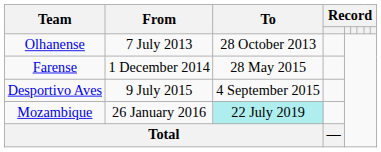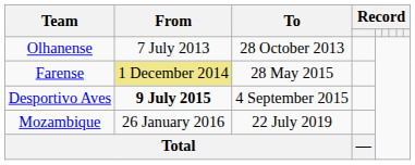 <table class="wikitable" style="text-align: center">
 <tr>
 <th rowspan="2">Team</th>
 <th rowspan="2">From</th>
 <th rowspan="2">To</th>
 <th colspan="6">Record</th>
 </tr>
 <tr>
 <th></th>
 <th></th>
 <th></th>
 <th></th>
 <th></th>
 <th></th>
 </tr>
 <tr>
 <td><a href='#'>Olhanense</a></td>
 <td>7 July 2013</td>
 <td>28 October 2013<br></td>
 <td></td>
 </tr>
 <tr>
 <td><a href='#'>Farense</a></td>
-<td>1 December 2014</td>
+<td style="background: khaki;">1 December 2014</td>
 <td>28 May 2015<br></td>
 <td></td>
 </tr>
 <tr>
 <td><a href='#'>Desportivo Aves</a></td>
-<td>9 July 2015</td>
+<td><strong>9 July 2015</strong></td>
 <td>4 September 2015<br></td>
 <td></td>
 </tr>
 <tr>
 <td><a href='#'>Mozambique</a></td>
 <td>26 January 2016</td>
-<td style="background: paleturquoise;">22 July 2019<br></td>
+<td>22 July 2019<br></td>
 <td></td>
 </tr>
 <tr>
 <th colspan="3">Total<br></th>
 <th>—</th>
 </tr>
 </table>
